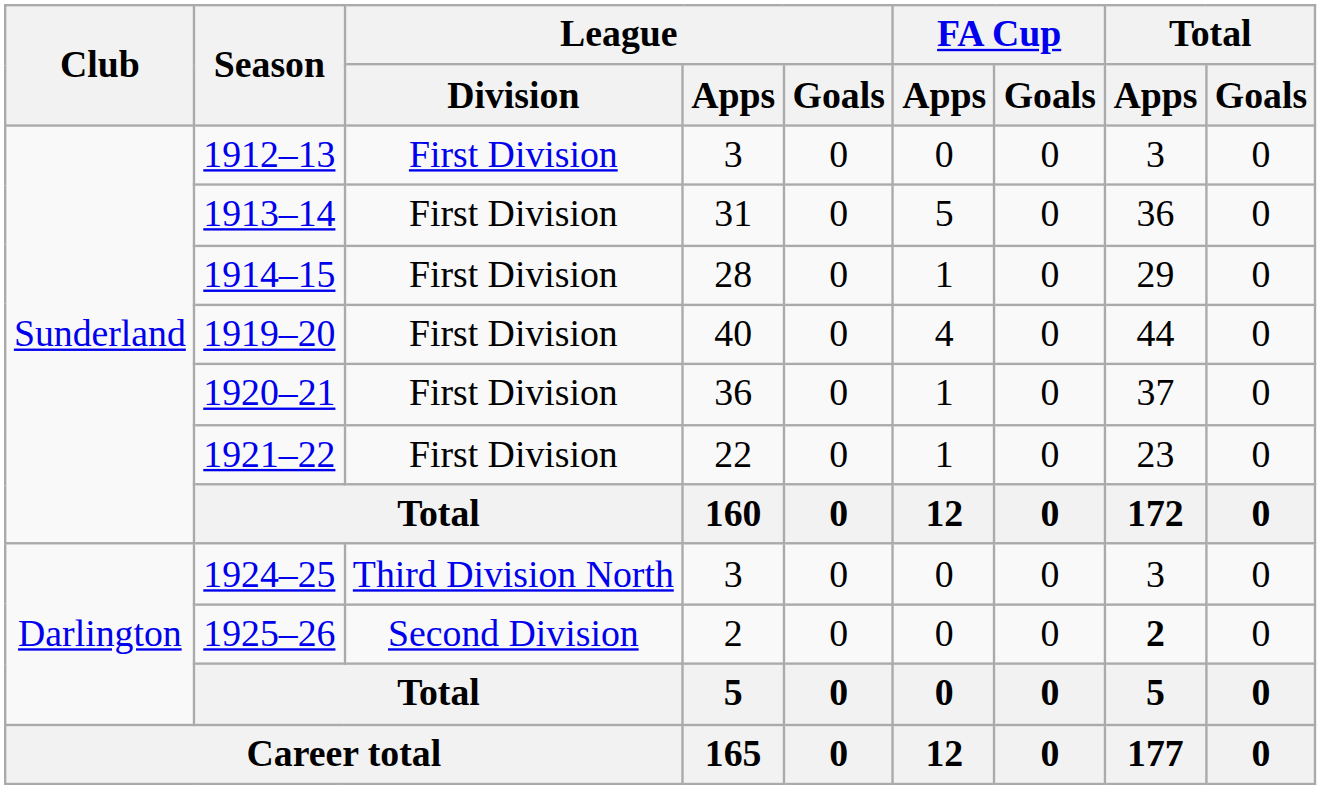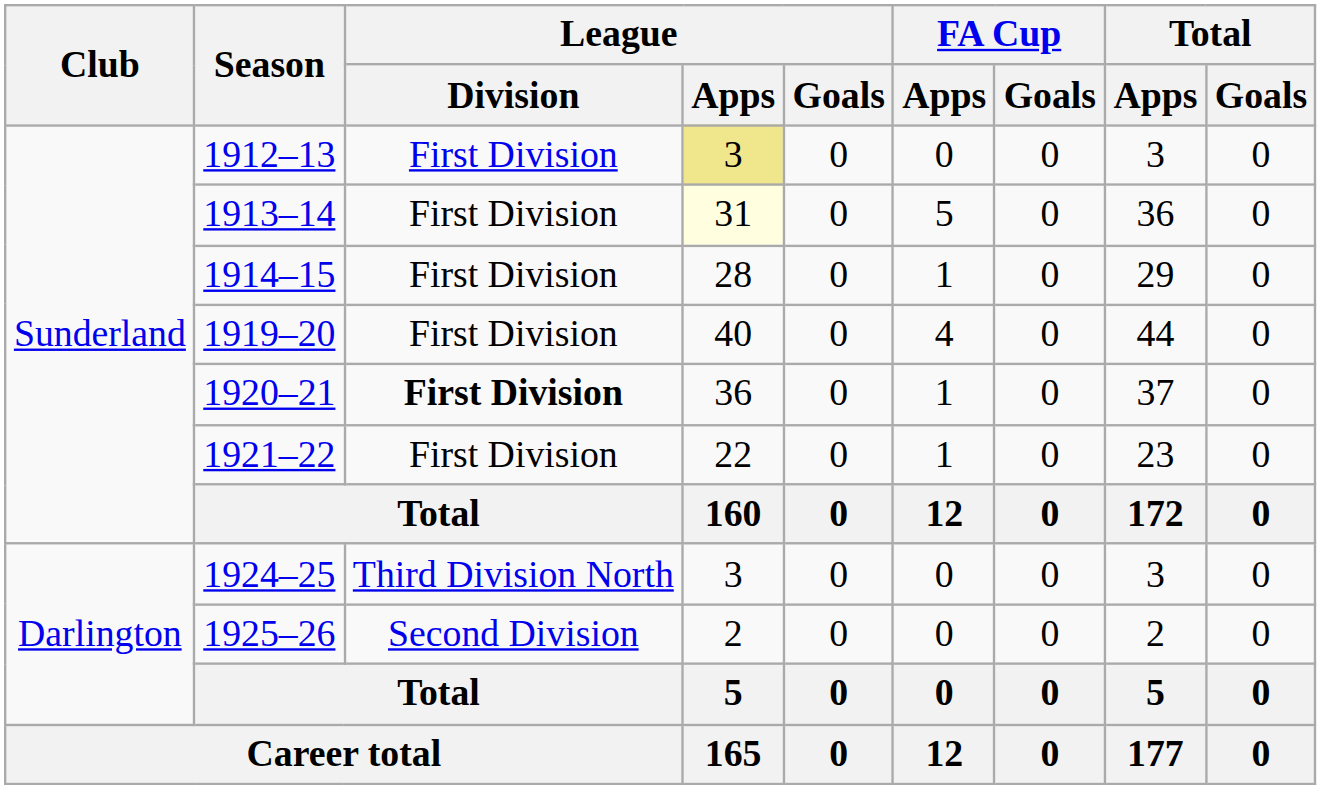 <table class=wikitable style="text-align:center">
 <tr>
 <th rowspan="2">Club</th>
 <th rowspan="2">Season</th>
 <th colspan="3">League</th>
 <th colspan="2"><a href='#'>FA Cup</a></th>
 <th colspan="2">Total</th>
 </tr>
 <tr>
 <th>Division</th>
 <th>Apps</th>
 <th>Goals</th>
 <th>Apps</th>
 <th>Goals</th>
 <th>Apps</th>
 <th>Goals</th>
 </tr>
 <tr>
 <td rowspan="7"><a href='#'>Sunderland</a></td>
 <td><a href='#'>1912–13</a></td>
 <td><a href='#'>First Division</a></td>
-<td>3</td>
+<td style="background: khaki;">3</td>
 <td>0</td>
 <td>0</td>
 <td>0</td>
 <td>3</td>
 <td>0</td>
 </tr>
 <tr>
 <td><a href='#'>1913–14</a></td>
 <td>First Division</td>
-<td>31</td>
+<td style="background: lightyellow;">31</td>
 <td>0</td>
 <td>5</td>
 <td>0</td>
 <td>36</td>
 <td>0</td>
 </tr>
 <tr>
 <td><a href='#'>1914–15</a></td>
 <td>First Division</td>
 <td>28</td>
 <td>0</td>
 <td>1</td>
 <td>0</td>
 <td>29</td>
 <td>0</td>
 </tr>
 <tr>
 <td><a href='#'>1919–20</a></td>
 <td>First Division</td>
 <td>40</td>
 <td>0</td>
 <td>4</td>
 <td>0</td>
 <td>44</td>
 <td>0</td>
 </tr>
 <tr>
 <td><a href='#'>1920–21</a></td>
-<td>First Division</td>
+<td><strong>First Division</strong></td>
 <td>36</td>
 <td>0</td>
 <td>1</td>
 <td>0</td>
 <td>37</td>
 <td>0</td>
 </tr>
 <tr>
 <td><a href='#'>1921–22</a></td>
 <td>First Division</td>
 <td>22</td>
 <td>0</td>
 <td>1</td>
 <td>0</td>
 <td>23</td>
 <td>0</td>
 </tr>
 <tr>
 <th colspan="2">Total</th>
 <th>160</th>
 <th>0</th>
 <th>12</th>
 <th>0</th>
 <th>172</th>
 <th>0</th>
 </tr>
 <tr>
 <td rowspan="3"><a href='#'>Darlington</a></td>
 <td><a href='#'>1924–25</a></td>
 <td><a href='#'>Third Division North</a></td>
 <td>3</td>
 <td>0</td>
 <td>0</td>
 <td>0</td>
 <td>3</td>
 <td>0</td>
 </tr>
 <tr>
 <td><a href='#'>1925–26</a></td>
 <td><a href='#'>Second Division</a></td>
 <td>2</td>
 <td>0</td>
 <td>0</td>
 <td>0</td>
-<td><strong>2</strong></td>
+<td>2</td>
 <td>0</td>
 </tr>
 <tr>
 <th colspan="2">Total</th>
 <th>5</th>
 <th>0</th>
 <th>0</th>
 <th>0</th>
 <th>5</th>
 <th>0</th>
 </tr>
 <tr>
 <th colspan="3">Career total</th>
 <th>165</th>
 <th>0</th>
 <th>12</th>
 <th>0</th>
 <th>177</th>
 <th>0</th>
 </tr>
 </table>
